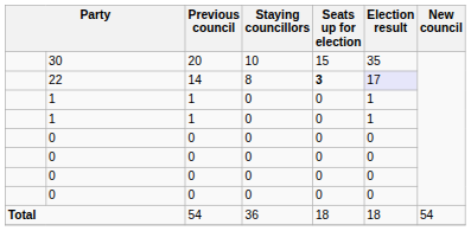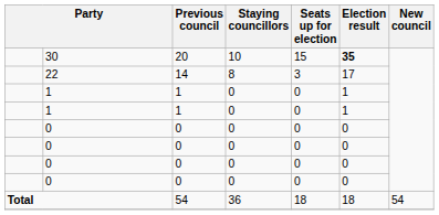 <table class="wikitable">
 <tr>
 <th valign=top colspan="2" style="width: 230px">Party</th>
 <th valign=top style="width: 30px">Previous council</th>
 <th valign=top style="width: 30px">Staying councillors</th>
 <th valign=top style="width: 30px">Seats up for election</th>
 <th valign=top style="width: 30px">Election result</th>
 <th valign=top style="width: 30px">New council</th>
 </tr>
 <tr>
 <td></td>
 <td>30</td>
 <td>20</td>
 <td>10</td>
 <td>15</td>
-<td>35</td>
+<td><strong>35</strong></td>
 </tr>
 <tr>
 <td></td>
 <td>22</td>
 <td>14</td>
 <td>8</td>
-<td><strong>3</strong></td>
-<td style="background: lavender;">17</td>
+<td>3</td>
+<td>17</td>
 </tr>
 <tr>
 <td></td>
 <td>1</td>
 <td>1</td>
 <td>0</td>
 <td>0</td>
 <td>1</td>
 </tr>
 <tr>
 <td></td>
 <td>1</td>
 <td>1</td>
 <td>0</td>
 <td>0</td>
 <td>1</td>
 </tr>
 <tr>
 <td></td>
 <td>0</td>
 <td>0</td>
 <td>0</td>
 <td>0</td>
 <td>0</td>
 </tr>
 <tr>
 <td></td>
 <td>0</td>
 <td>0</td>
 <td>0</td>
 <td>0</td>
 <td>0</td>
 </tr>
 <tr>
 <td></td>
 <td>0</td>
 <td>0</td>
 <td>0</td>
 <td>0</td>
 <td>0</td>
 </tr>
 <tr>
 <td></td>
 <td>0</td>
 <td>0</td>
 <td>0</td>
 <td>0</td>
 <td>0</td>
 </tr>
 <tr>
 <td colspan="2"><strong>Total</strong></td>
 <td>54</td>
 <td>36</td>
 <td>18</td>
 <td>18</td>
 <td>54</td>
 </tr>
 <tr>
 </tr>
 </table>
